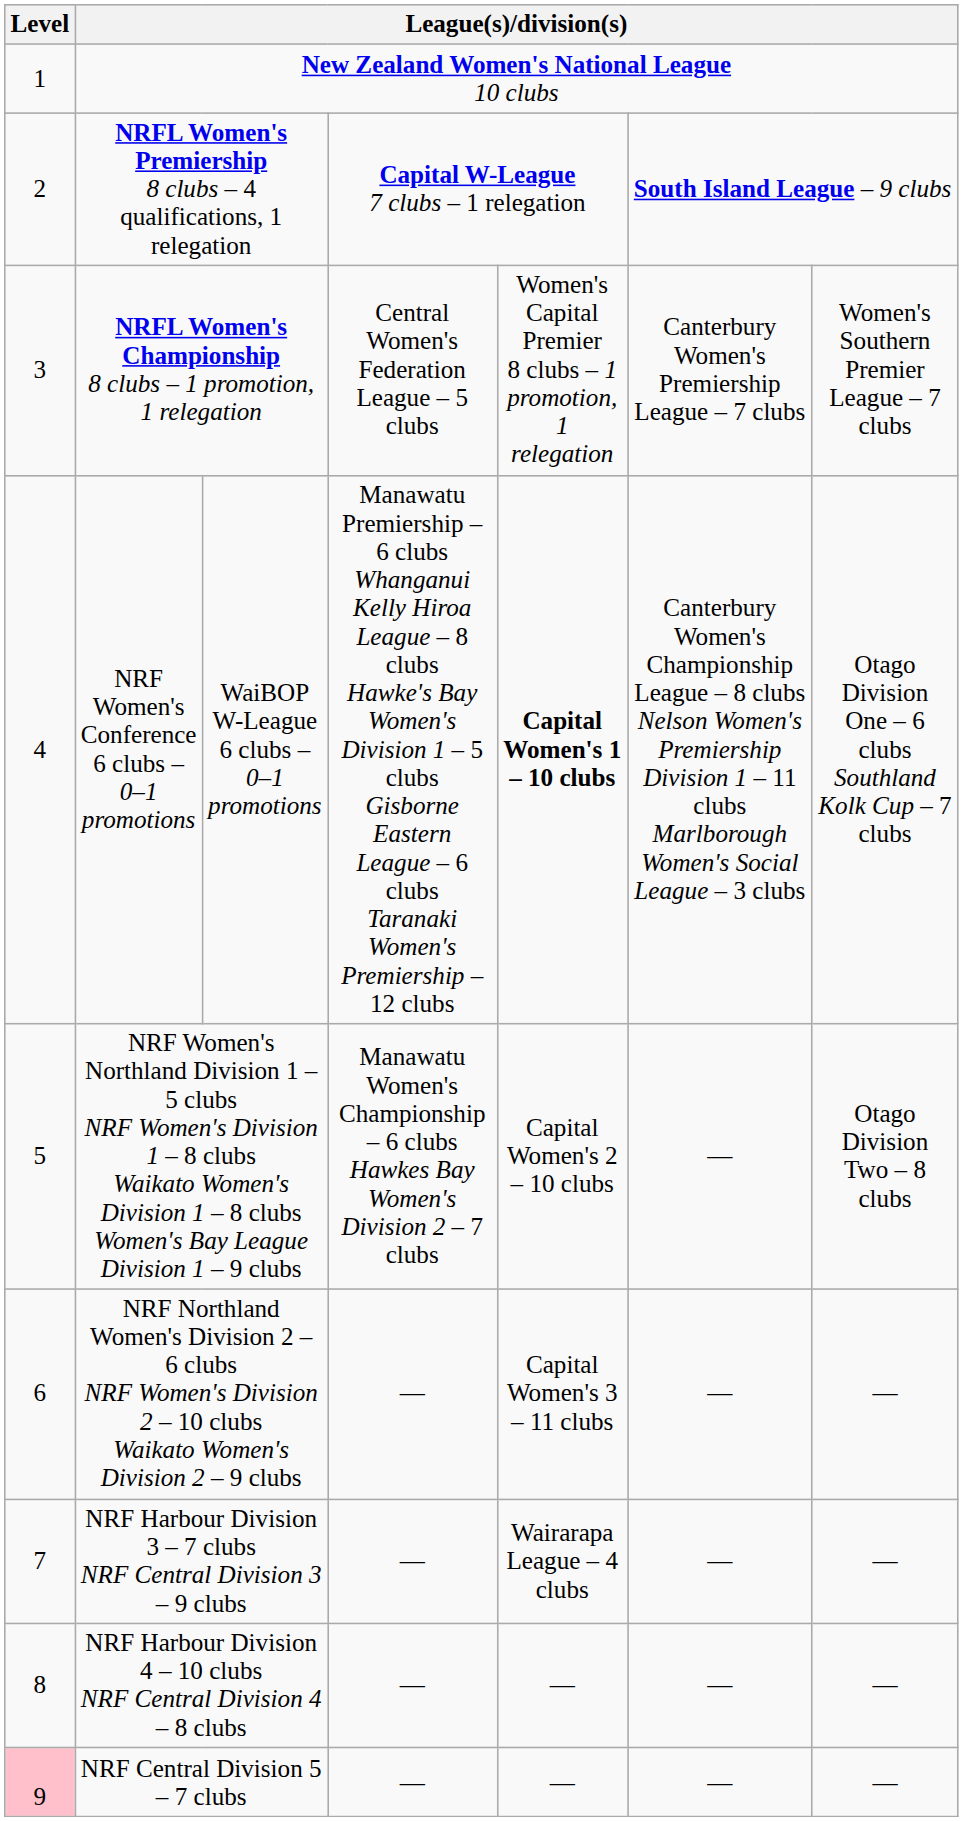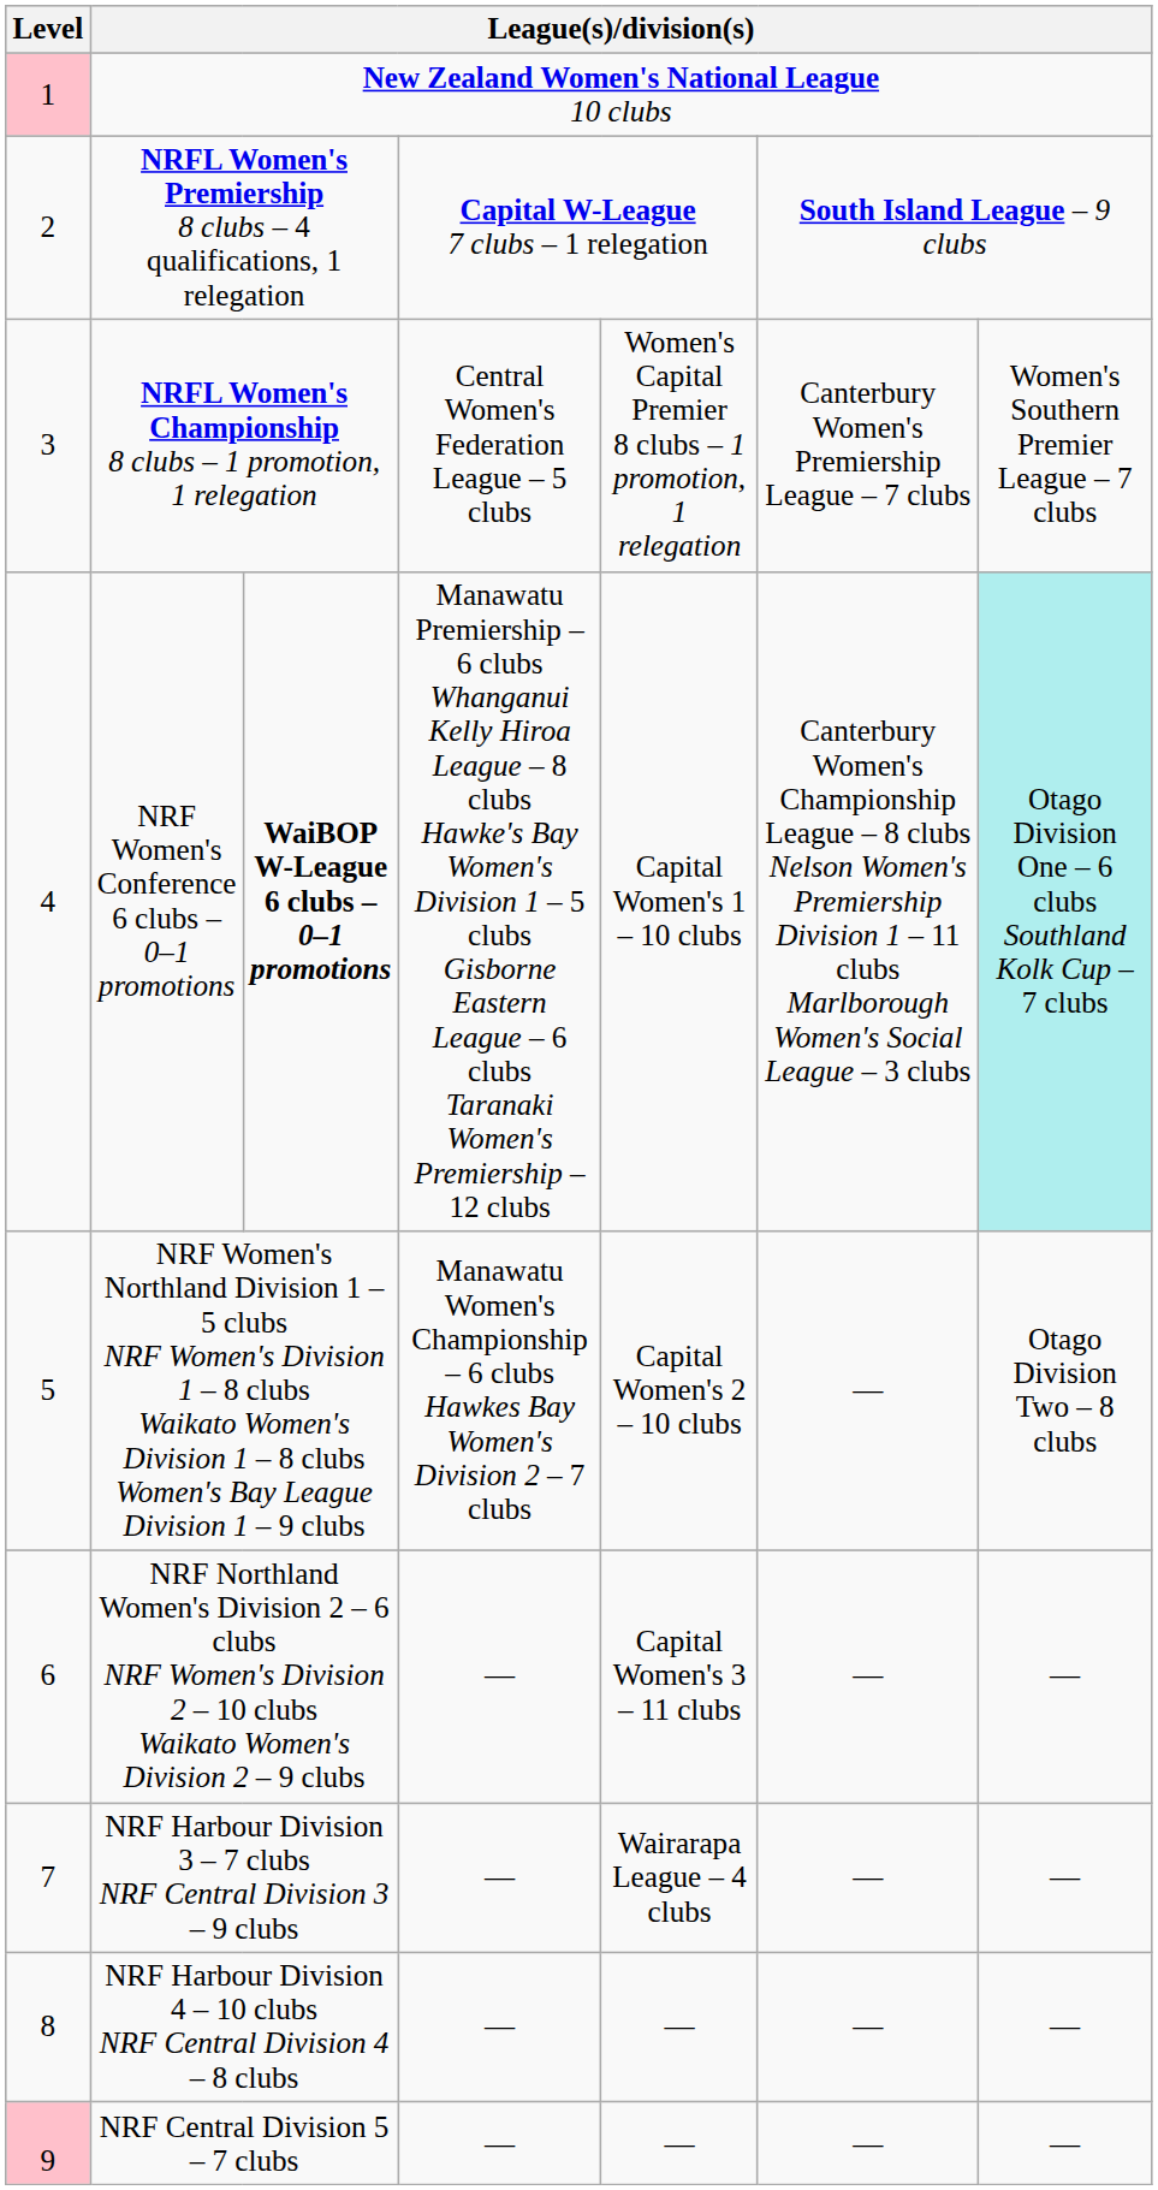 <table class="wikitable" style="text-align: center;">
 <tr>
 <th width="4%">Level</th>
 <th colspan="6" width="96%">League(s)/division(s)</th>
 </tr>
 <tr>
-<td>1</td>
+<td style="background: pink;">1</td>
 <td colspan=6><strong><a href='#'>New Zealand Women's National League</a></strong><br> <em>10 clubs</em></td>
 </tr>
 <tr>
 <td>2</td>
 <td colspan=2><strong><a href='#'>NRFL Women's Premiership</a></strong><br><em>8 clubs</em> – 4 qualifications, 1 relegation</td>
 <td colspan=2><strong><a href='#'>Capital W-League</a></strong><br><em>7 clubs</em> – 1 relegation</td>
 <td colspan=2><strong><a href='#'>South Island League</a></strong> – <em>9 clubs</em></td>
 </tr>
 <tr>
 <td>3</td>
 <td colspan=2><strong><a href='#'>NRFL Women's Championship</a></strong><br><em>8 clubs – 1 promotion, 1 relegation</td>
 <td>Central Women's Federation League – </em>5 clubs<em></td>
 <td>Women's Capital Premier<br></em>8 clubs<em> – 1 promotion, 1 relegation</td>
 <td>Canterbury Women's Premiership League – </em>7 clubs<em></td>
 <td>Women's Southern Premier League – </em>7 clubs<em></td>
 </tr>
 <tr>
 <td>4</td>
 <td>NRF Women's Conference<br></em>6 clubs<em> – 0–1 promotions</td>
-<td>WaiBOP W-League<br></em>6 clubs<em> – 0–1 promotions</td>
+<td><strong>WaiBOP W-League<br></em>6 clubs<em> – 0–1 promotions</strong></td>
 <td>Manawatu Premiership – </em>6 clubs<em><br>Whanganui Kelly Hiroa League – </em>8 clubs<em><br>Hawke's Bay Women's Division 1 – </em>5 clubs<em><br>Gisborne Eastern League – </em>6 clubs<em><br>Taranaki Women's Premiership – </em>12 clubs<em></td>
-<td><strong>Capital Women's 1 – </em>10 clubs<em></strong></td>
+<td>Capital Women's 1 – </em>10 clubs<em></td>
 <td>Canterbury Women's Championship League – </em>8 clubs<em><br>Nelson Women's Premiership Division 1 – </em>11 clubs<em><br>Marlborough Women's Social League – </em>3 clubs<em></td>
-<td>Otago Division One – </em>6 clubs<em><br>Southland Kolk Cup – </em>7 clubs<em></td>
+<td style="background: paleturquoise;">Otago Division One – </em>6 clubs<em><br>Southland Kolk Cup – </em>7 clubs<em></td>
 </tr>
 <tr>
 <td>5</td>
 <td colspan=2>NRF Women's Northland Division 1 – </em>5 clubs<em><br>NRF Women's Division 1 – </em>8 clubs<em><br>Waikato Women's Division 1 </em>– 8 clubs<em><br>Women's Bay League Division 1 – </em>9 clubs<em></td>
 <td>Manawatu Women's Championship – </em>6 clubs<em><br>Hawkes Bay Women's Division 2 – </em>7 clubs<em></td>
 <td>Capital Women's 2 – </em>10 clubs<em></td>
 <td>—</td>
 <td>Otago Division Two – </em>8 clubs<em></td>
 </tr>
 <tr>
 <td>6</td>
 <td colspan=2>NRF Northland Women's Division 2 – </em>6 clubs<em><br>NRF Women's Division 2 – </em>10<em> </em>clubs<em><br>Waikato Women's Division 2 – </em>9 clubs<em></td>
 <td>—</td>
 <td>Capital Women's 3 – </em>11 clubs<em></td>
 <td>—</td>
 <td>—</td>
 </tr>
 <tr>
 <td>7</td>
 <td colspan=2>NRF Harbour Division 3 – </em>7 clubs<em><br>NRF Central Division 3 – </em>9 clubs<em></td>
 <td>—</td>
 <td>Wairarapa League – </em>4 clubs<em></td>
 <td>—</td>
 <td>—</td>
 </tr>
 <tr>
 <td>8</td>
 <td colspan=2>NRF Harbour Division 4 – </em>10 clubs<em><br>NRF Central Division 4 – </em>8 clubs<em></td>
 <td>—</td>
 <td>—</td>
 <td>—</td>
 <td>—</td>
 </tr>
 <tr>
 <td style="background: pink;"><br>9</td>
 <td colspan=2>NRF Central Division 5 – </em>7 clubs<em></td>
 <td>—</td>
 <td>—</td>
 <td>—</td>
 <td>—</td>
 </tr>
 </table>
